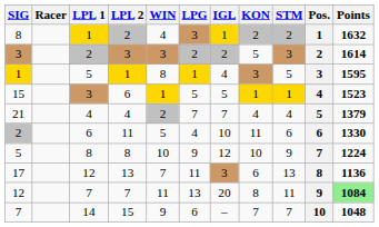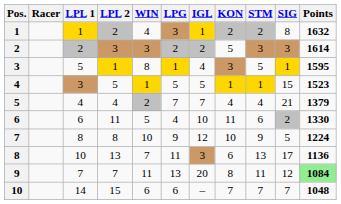 <table class="wikitable sortable plainrowheaders" style="text-align:center;">
 <tr>
-<th> <a href='#'>SIG</a></th>
+<th scope="col">Pos.</th>
 <th scope="col">Racer</th>
 <th scope="col"> <a href='#'>LPL</a> 1</th>
 <th scope="col"> <a href='#'>LPL</a> 2</th>
 <th scope="col"> <a href='#'>WIN</a></th>
 <th scope="col"> <a href='#'>LPG</a></th>
 <th scope="col"> <a href='#'>IGL</a></th>
 <th scope="col"> <a href='#'>KON</a></th>
 <th> <a href='#'>STM</a></th>
-<th scope="col">Pos.</th>
+<th> <a href='#'>SIG</a></th>
 <th style="width:45px;">Points</th>
 </tr>
 <tr>
-<td>8</td>
+<th style="text-align:center;">1</th>
 <td align="left"></td>
 <td style="background:gold;">1</td>
 <td style="background:silver;">2</td>
 <td>4</td>
 <td style="background:#c96;">3</td>
 <td style="background:gold;">1</td>
 <td style="background:silver;">2</td>
 <td style="background:silver;">2</td>
-<th style="text-align:center;">1</th>
+<td>8</td>
 <td><strong>1632</strong></td>
 </tr>
 <tr>
-<td style="background:#c96;">3</td>
+<th style="text-align:center;">2</th>
 <td align="left"></td>
 <td style="background:silver;">2</td>
 <td style="background:#c96;">3</td>
 <td style="background:#c96;">3</td>
 <td style="background:silver;">2</td>
 <td style="background:silver;">2</td>
 <td>5</td>
 <td style="background:#c96;">3</td>
-<th style="text-align:center;">2</th>
+<td style="background:#c96;">3</td>
 <td><strong>1614</strong></td>
 </tr>
 <tr>
-<td style="background:gold;">1</td>
+<th style="text-align:center;">3</th>
 <td align="left"></td>
 <td>5</td>
 <td style="background:gold;">1</td>
 <td>8</td>
 <td style="background:gold;">1</td>
 <td>4</td>
 <td style="background:#c96;">3</td>
 <td>5</td>
-<th style="text-align:center;">3</th>
+<td style="background:gold;">1</td>
 <td><strong>1595</strong></td>
 </tr>
 <tr>
-<td>15</td>
+<th style="text-align:center;">4</th>
 <td align="left"></td>
 <td style="background:#c96;">3</td>
-<td>6</td>
+<td>5</td>
 <td style="background:gold;">1</td>
 <td>5</td>
 <td>5</td>
 <td style="background:gold;">1</td>
 <td style="background:gold;">1</td>
-<th style="text-align:center;">4</th>
+<td>15</td>
 <td><strong>1523</strong></td>
 </tr>
 <tr>
-<td>21</td>
+<th style="text-align:center;">5</th>
 <td align="left"></td>
 <td>4</td>
 <td>4</td>
 <td style="background:silver;">2</td>
 <td>7</td>
 <td>7</td>
 <td>4</td>
 <td>4</td>
-<th style="text-align:center;">5</th>
+<td>21</td>
 <td><strong>1379</strong></td>
 </tr>
 <tr>
-<td style="background:silver;">2</td>
+<th style="text-align:center;">6</th>
 <td align="left"></td>
 <td>6</td>
 <td>11</td>
 <td>5</td>
 <td>4</td>
 <td>10</td>
 <td>11</td>
 <td>6</td>
-<th style="text-align:center;">6</th>
+<td style="background:silver;">2</td>
 <td><strong>1330</strong></td>
 </tr>
 <tr>
-<td>5</td>
+<th style="text-align:center;">7</th>
 <td align="left"></td>
 <td>8</td>
 <td>8</td>
 <td>10</td>
 <td>9</td>
 <td>12</td>
 <td>10</td>
 <td>9</td>
-<th style="text-align:center;">7</th>
+<td>5</td>
 <td><strong>1224</strong></td>
 </tr>
 <tr>
-<td>17</td>
+<th style="text-align:center;">8</th>
 <td align="left"></td>
-<td>12</td>
+<td>10</td>
 <td>13</td>
 <td>7</td>
 <td>11</td>
 <td style="background:#c96;">3</td>
 <td>6</td>
 <td>13</td>
-<th style="text-align:center;">8</th>
+<td>17</td>
 <td><strong>1136</strong></td>
 </tr>
 <tr>
-<td>12</td>
+<th style="text-align:center;">9</th>
 <td align="left"></td>
 <td>7</td>
 <td>7</td>
 <td>11</td>
 <td>13</td>
 <td>20</td>
 <td>8</td>
 <td>11</td>
-<th style="text-align:center;">9</th>
+<td>12</td>
 <td style="background: lightgreen;"><strong>1084</strong></td>
 </tr>
 <tr>
-<td>7</td>
+<th style="text-align:center;">10</th>
 <td align="left"></td>
 <td>14</td>
 <td>15</td>
-<td>9</td>
+<td>6</td>
 <td>6</td>
 <td>–</td>
 <td>7</td>
 <td>7</td>
-<th style="text-align:center;">10</th>
+<td>7</td>
 <td><strong>1048</strong></td>
 </tr>
 </table>
